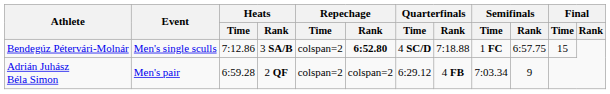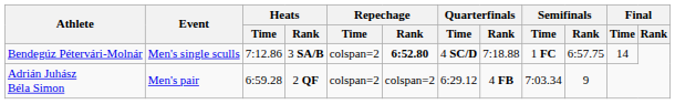 <table class="wikitable" style="font-size:90%">
 <tr>
 <th rowspan=2>Athlete</th>
 <th rowspan=2>Event</th>
 <th colspan="2">Heats</th>
 <th colspan="2">Repechage</th>
 <th colspan=2>Quarterfinals</th>
 <th colspan="2">Semifinals</th>
 <th colspan="2">Final</th>
 </tr>
 <tr style="font-size:95%">
 <th>Time</th>
 <th>Rank</th>
 <th>Time</th>
 <th>Rank</th>
 <th>Time</th>
 <th>Rank</th>
 <th>Time</th>
 <th>Rank</th>
 <th>Time</th>
 <th>Rank</th>
 </tr>
 <tr align=center>
 <td align=left><a href='#'>Bendegúz Pétervári-Molnár</a></td>
 <td align=left><a href='#'>Men's single sculls</a></td>
 <td>7:12.86</td>
 <td>3 <strong>SA/B</strong></td>
 <td>colspan=2 </td>
 <td><strong>6:52.80</strong></td>
 <td>4 <strong>SC/D</strong></td>
 <td>7:18.88</td>
 <td>1 <strong>FC</strong></td>
 <td>6:57.75</td>
-<td>15</td>
+<td>14</td>
 </tr>
 <tr align=center>
 <td align=left><a href='#'>Adrián Juhász</a><br><a href='#'>Béla Simon</a></td>
 <td align=left><a href='#'>Men's pair</a></td>
 <td>6:59.28</td>
 <td>2 <strong>QF</strong></td>
 <td>colspan=2 </td>
 <td>colspan=2 </td>
 <td>6:29.12</td>
 <td>4 <strong>FB</strong></td>
 <td>7:03.34</td>
 <td>9</td>
 </tr>
 </table>
